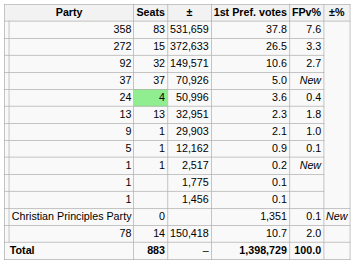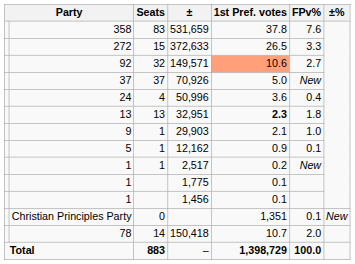 <table class=wikitable>
 <tr>
 <th colspan=2 align=center>Party</th>
 <th valign=top>Seats</th>
 <th valign=top>±</th>
 <th valign=top>1st Pref. votes</th>
 <th valign=top>FPv%</th>
 <th valign=top>±%</th>
 </tr>
 <tr>
 <td></td>
 <td align="right">358</td>
 <td align="right">83</td>
 <td align="right">531,659</td>
 <td align="right">37.8</td>
 <td align="right">7.6</td>
 </tr>
 <tr>
 <td></td>
 <td align="right">272</td>
 <td align="right">15</td>
 <td align="right">372,633</td>
 <td align="right">26.5</td>
 <td align="right">3.3</td>
 </tr>
 <tr>
 <td></td>
 <td align="right">92</td>
 <td align="right">32</td>
 <td align="right">149,571</td>
-<td align="right">10.6</td>
+<td align="right" style="background: lightsalmon;">10.6</td>
 <td align="right">2.7</td>
 </tr>
 <tr>
 <td></td>
 <td align="right">37</td>
 <td align="right">37</td>
 <td align="right">70,926</td>
 <td align="right">5.0</td>
 <td align="right"><em>New</em></td>
 </tr>
 <tr>
 <td></td>
 <td align="right">24</td>
-<td align="right" style="background: lightgreen;">4</td>
+<td align="right">4</td>
 <td align="right">50,996</td>
 <td align="right">3.6</td>
 <td align="right">0.4</td>
 </tr>
 <tr>
 <td></td>
 <td align="right">13</td>
 <td align="right">13</td>
 <td align="right">32,951</td>
-<td align="right">2.3</td>
+<td align="right"><strong>2.3</strong></td>
 <td align="right">1.8</td>
 </tr>
 <tr>
 <td></td>
 <td align="right">9</td>
 <td align="right">1</td>
 <td align="right">29,903</td>
 <td align="right">2.1</td>
 <td align="right">1.0</td>
 </tr>
 <tr>
 <td></td>
 <td align="right">5</td>
 <td align="right">1</td>
 <td align="right">12,162</td>
 <td align="right">0.9</td>
 <td align="right">0.1</td>
 </tr>
 <tr>
 <td></td>
 <td align="right">1</td>
 <td align="right">1</td>
 <td align="right">2,517</td>
 <td align="right">0.2</td>
 <td align="right"><em>New</em></td>
 </tr>
 <tr>
 <td></td>
 <td align="right">1</td>
 <td align="right"></td>
 <td align="right">1,775</td>
 <td align="right">0.1</td>
 <td align="right"></td>
 </tr>
 <tr>
 <td></td>
 <td align="right">1</td>
 <td align="right"></td>
 <td align="right">1,456</td>
 <td align="right">0.1</td>
 <td align="right"></td>
 </tr>
 <tr>
 <td></td>
 <td>Christian Principles Party</td>
 <td align="right">0</td>
 <td align="right"></td>
 <td align="right">1,351</td>
 <td align="right">0.1</td>
 <td align="right"><em>New</em></td>
 </tr>
 <tr>
 <td></td>
 <td align="right">78</td>
 <td align="right">14</td>
 <td align="right">150,418</td>
 <td align="right">10.7</td>
 <td align="right">2.0</td>
 </tr>
 <tr>
 <td colspan="2" rowspan="1"> <strong>Total</strong></td>
 <td align="right"><strong>883</strong></td>
 <td align="right">–</td>
 <td align="right"><strong>1,398,729</strong></td>
 <td align="right"><strong>100.0</strong></td>
 <td align="right"></td>
 </tr>
 </table>
